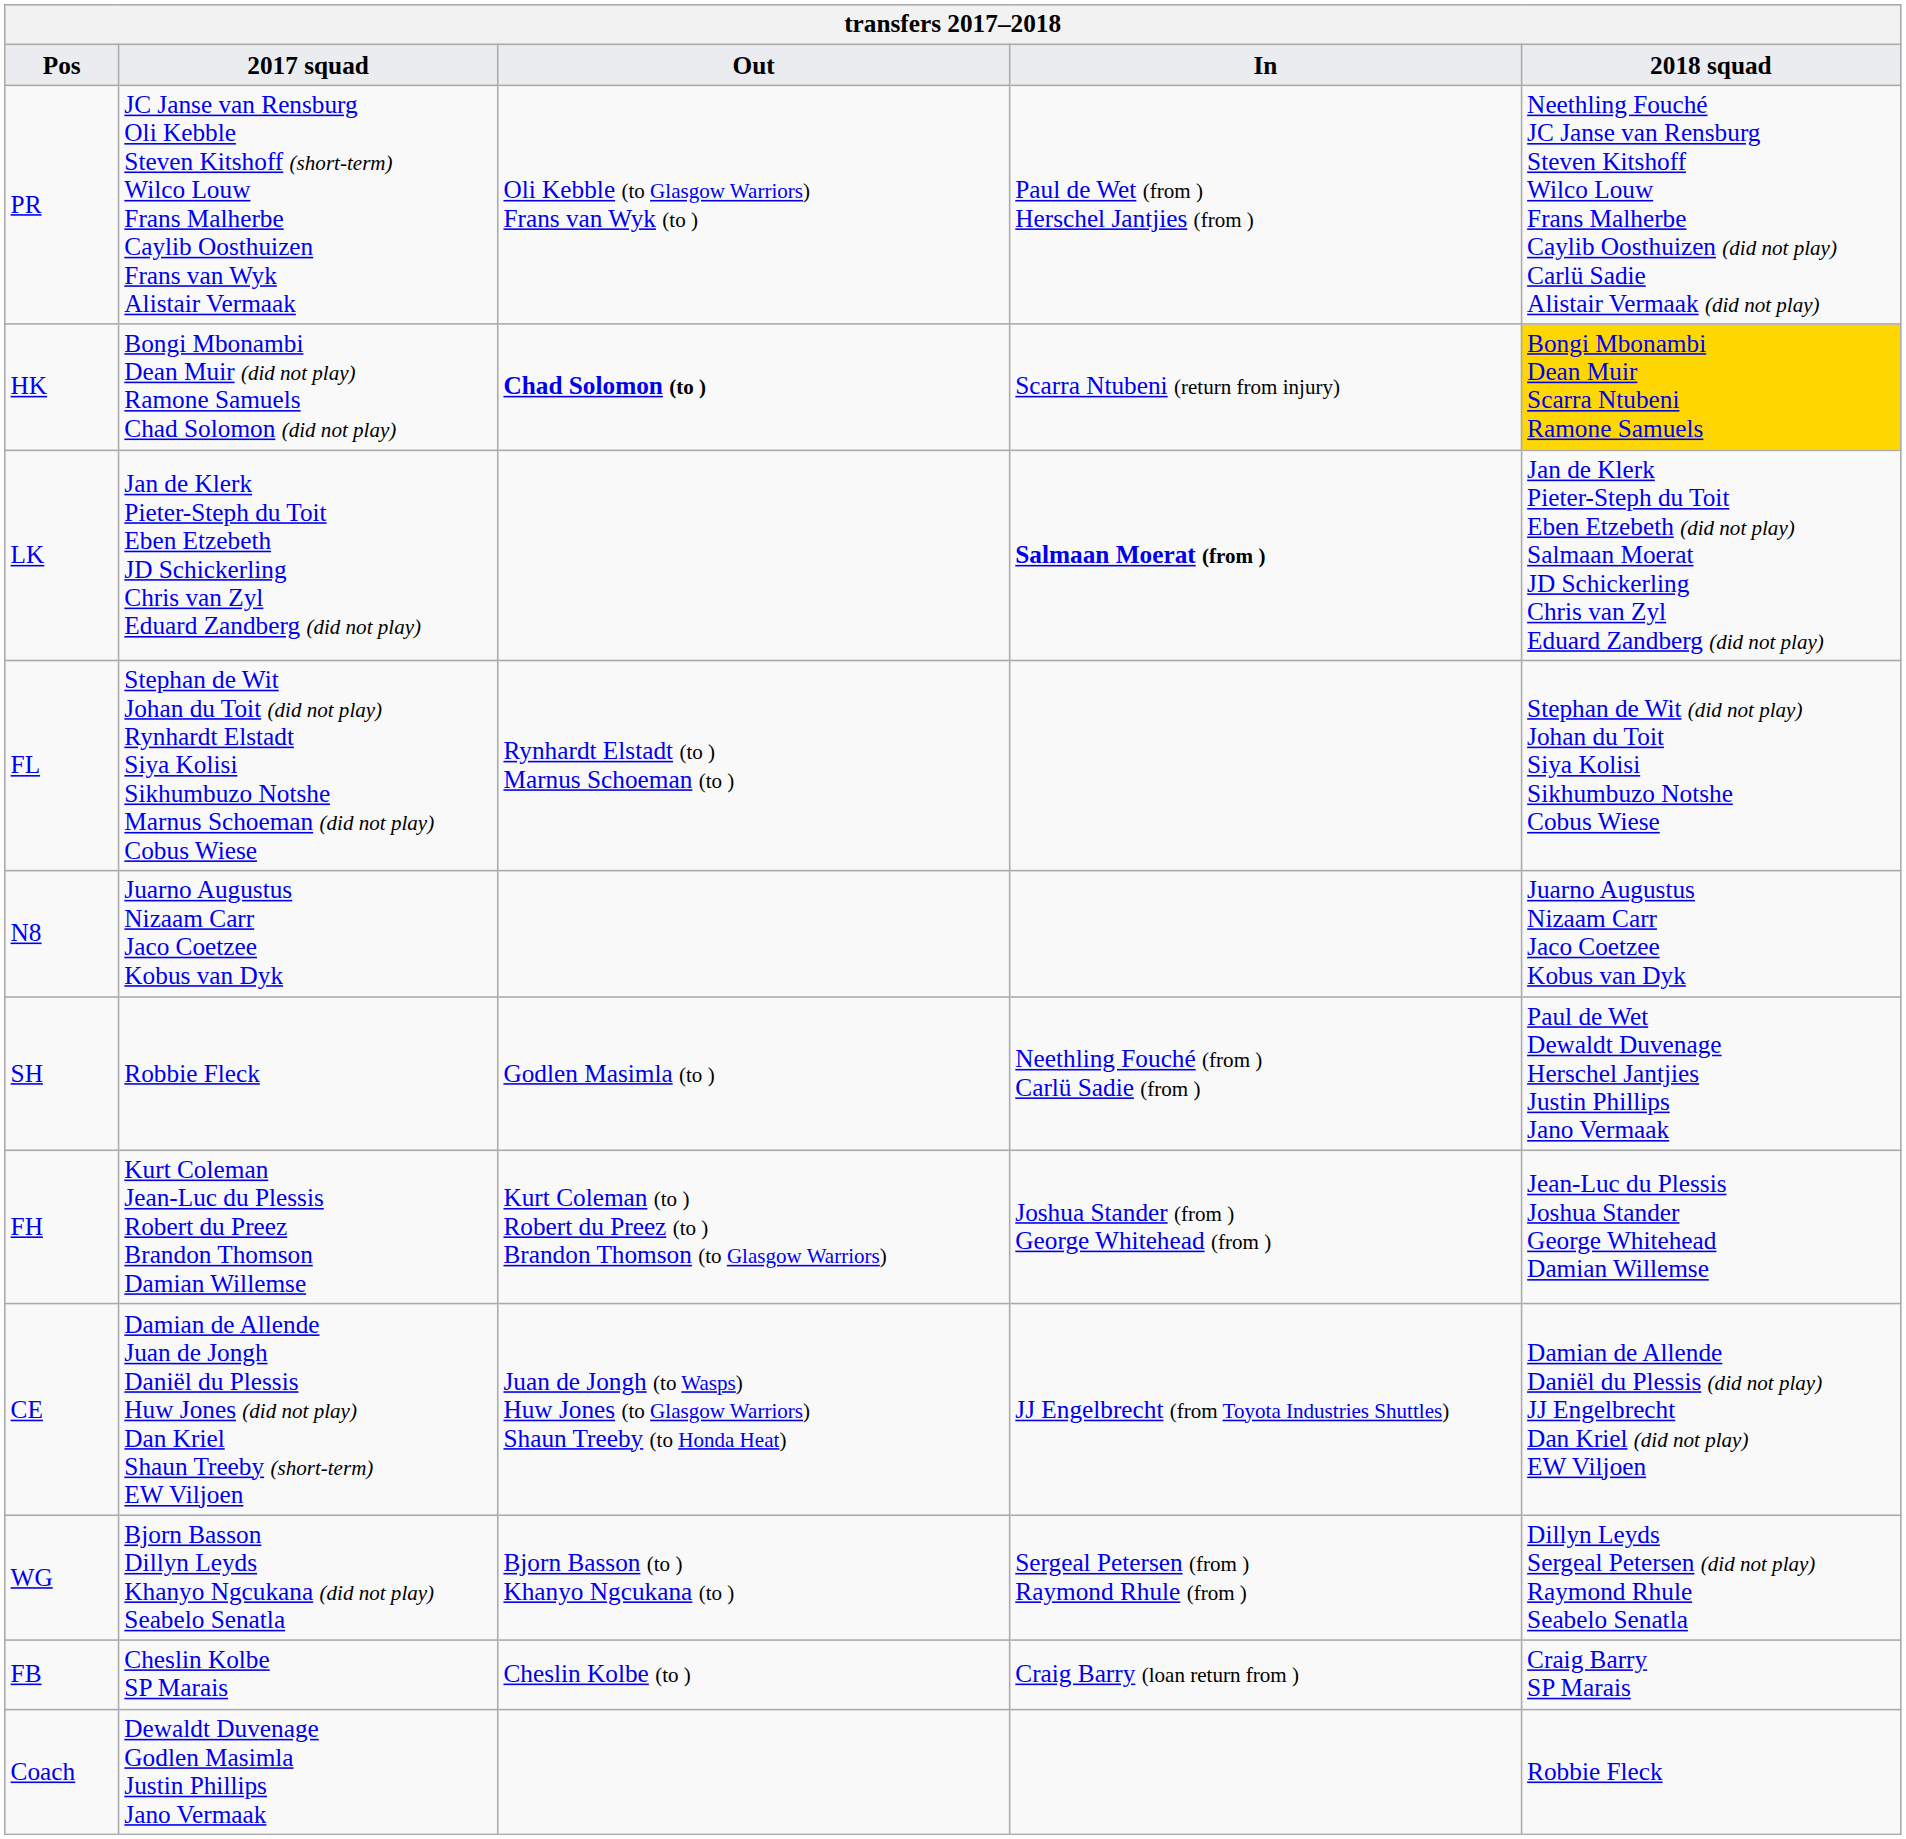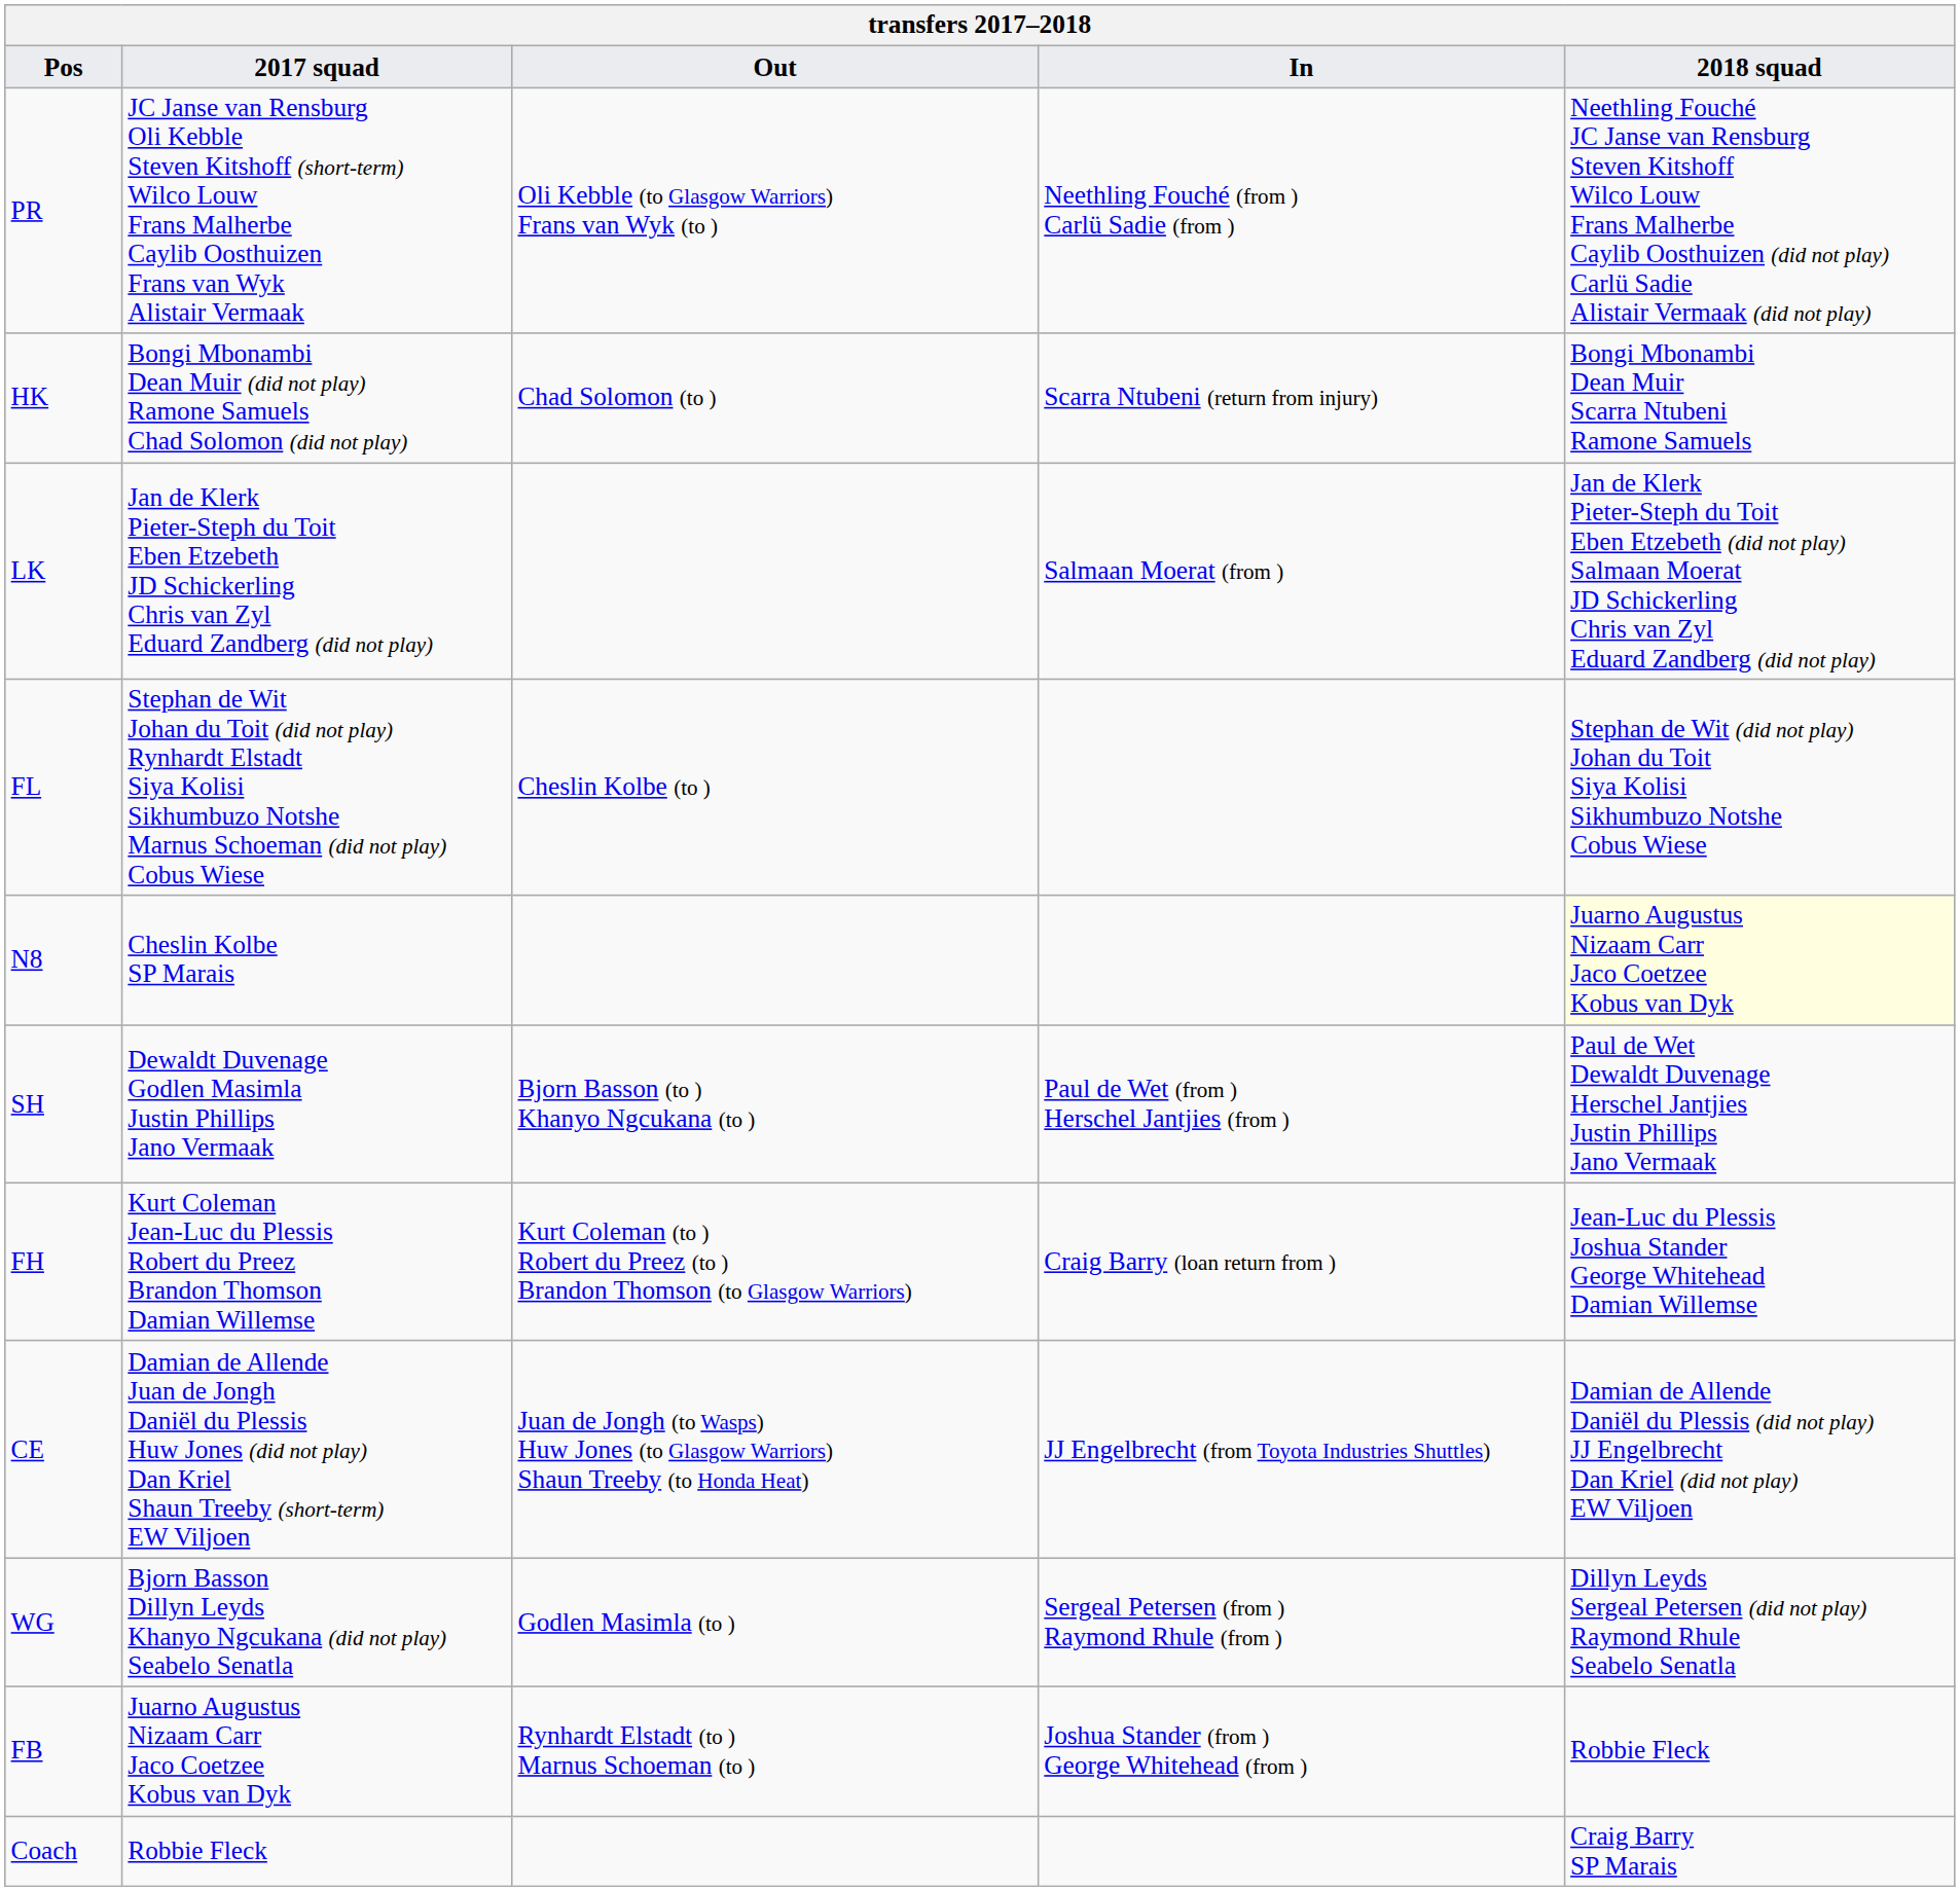 <table class="wikitable" style="text-align: left; width:95%">
 <tr>
 <th colspan="100%"> transfers 2017–2018</th>
 </tr>
 <tr>
 <th style="background:#ebecf0; width:6%;">Pos</th>
 <th style="background:#ebecf0; width:20%;">2017 squad</th>
 <th style="background:#ebecf0; width:27%;">Out</th>
 <th style="background:#ebecf0; width:27%;">In</th>
 <th style="background:#ebecf0; width:20%;">2018 squad</th>
 </tr>
 <tr>
 <td><a href='#'>PR</a></td>
 <td> <a href='#'>JC Janse van Rensburg</a> <br> <a href='#'>Oli Kebble</a> <br> <a href='#'>Steven Kitshoff</a> <small><em>(short-term)</em></small> <br> <a href='#'>Wilco Louw</a> <br> <a href='#'>Frans Malherbe</a> <br> <a href='#'>Caylib Oosthuizen</a> <br> <a href='#'>Frans van Wyk</a> <br> <a href='#'>Alistair Vermaak</a></td>
 <td>  <a href='#'>Oli Kebble</a> <small>(to  <a href='#'>Glasgow Warriors</a>)</small> <br>  <a href='#'>Frans van Wyk</a> <small>(to )</small></td>
-<td>  <a href='#'>Paul de Wet</a> <small>(from )</small> <br>  <a href='#'>Herschel Jantjies</a> <small>(from )</small></td>
+<td>  <a href='#'>Neethling Fouché</a> <small>(from )</small> <br>  <a href='#'>Carlü Sadie</a> <small>(from )</small></td>
 <td> <a href='#'>Neethling Fouché</a> <br> <a href='#'>JC Janse van Rensburg</a> <br> <a href='#'>Steven Kitshoff</a> <br> <a href='#'>Wilco Louw</a> <br> <a href='#'>Frans Malherbe</a> <br> <a href='#'>Caylib Oosthuizen</a> <small><em>(did not play)</em></small> <br> <a href='#'>Carlü Sadie</a> <br> <a href='#'>Alistair Vermaak</a> <small><em>(did not play)</em></small></td>
 </tr>
 <tr>
 <td><a href='#'>HK</a></td>
 <td> <a href='#'>Bongi Mbonambi</a> <br> <a href='#'>Dean Muir</a> <small><em>(did not play)</em></small> <br> <a href='#'>Ramone Samuels</a> <br> <a href='#'>Chad Solomon</a> <small><em>(did not play)</em></small></td>
-<td><strong>  <a href='#'>Chad Solomon</a> <small>(to )</small></strong></td>
+<td>  <a href='#'>Chad Solomon</a> <small>(to )</small></td>
 <td>  <a href='#'>Scarra Ntubeni</a> <small>(return from injury)</small></td>
-<td style="background: gold;"> <a href='#'>Bongi Mbonambi</a> <br> <a href='#'>Dean Muir</a> <br> <a href='#'>Scarra Ntubeni</a> <br> <a href='#'>Ramone Samuels</a></td>
+<td> <a href='#'>Bongi Mbonambi</a> <br> <a href='#'>Dean Muir</a> <br> <a href='#'>Scarra Ntubeni</a> <br> <a href='#'>Ramone Samuels</a></td>
 </tr>
 <tr>
 <td><a href='#'>LK</a></td>
 <td> <a href='#'>Jan de Klerk</a> <br> <a href='#'>Pieter-Steph du Toit</a> <br> <a href='#'>Eben Etzebeth</a> <br> <a href='#'>JD Schickerling</a> <br> <a href='#'>Chris van Zyl</a> <br> <a href='#'>Eduard Zandberg</a> <small><em>(did not play)</em></small></td>
 <td></td>
-<td><strong>  <a href='#'>Salmaan Moerat</a> <small>(from )</small></strong></td>
+<td>  <a href='#'>Salmaan Moerat</a> <small>(from )</small></td>
 <td> <a href='#'>Jan de Klerk</a> <br> <a href='#'>Pieter-Steph du Toit</a> <br> <a href='#'>Eben Etzebeth</a> <small><em>(did not play)</em></small> <br> <a href='#'>Salmaan Moerat</a> <br> <a href='#'>JD Schickerling</a> <br> <a href='#'>Chris van Zyl</a> <br> <a href='#'>Eduard Zandberg</a> <small><em>(did not play)</em></small></td>
 </tr>
 <tr>
 <td><a href='#'>FL</a></td>
 <td> <a href='#'>Stephan de Wit</a> <br> <a href='#'>Johan du Toit</a> <small><em>(did not play)</em></small> <br> <a href='#'>Rynhardt Elstadt</a> <br> <a href='#'>Siya Kolisi</a> <br> <a href='#'>Sikhumbuzo Notshe</a> <br> <a href='#'>Marnus Schoeman</a> <small><em>(did not play)</em></small> <br> <a href='#'>Cobus Wiese</a></td>
-<td>  <a href='#'>Rynhardt Elstadt</a> <small>(to )</small> <br>  <a href='#'>Marnus Schoeman</a> <small>(to )</small></td>
+<td>  <a href='#'>Cheslin Kolbe</a> <small>(to )</small></td>
 <td></td>
 <td> <a href='#'>Stephan de Wit</a> <small><em>(did not play)</em></small> <br> <a href='#'>Johan du Toit</a> <br> <a href='#'>Siya Kolisi</a> <br> <a href='#'>Sikhumbuzo Notshe</a> <br> <a href='#'>Cobus Wiese</a></td>
 </tr>
 <tr>
 <td><a href='#'>N8</a></td>
-<td> <a href='#'>Juarno Augustus</a> <br> <a href='#'>Nizaam Carr</a> <br> <a href='#'>Jaco Coetzee</a> <br> <a href='#'>Kobus van Dyk</a></td>
+<td> <a href='#'>Cheslin Kolbe</a> <br> <a href='#'>SP Marais</a></td>
 <td></td>
 <td></td>
-<td> <a href='#'>Juarno Augustus</a> <br> <a href='#'>Nizaam Carr</a> <br> <a href='#'>Jaco Coetzee</a> <br> <a href='#'>Kobus van Dyk</a></td>
+<td style="background: lightyellow;"> <a href='#'>Juarno Augustus</a> <br> <a href='#'>Nizaam Carr</a> <br> <a href='#'>Jaco Coetzee</a> <br> <a href='#'>Kobus van Dyk</a></td>
 </tr>
 <tr>
 <td><a href='#'>SH</a></td>
-<td> <a href='#'>Robbie Fleck</a></td>
-<td>  <a href='#'>Godlen Masimla</a> <small>(to )</small></td>
-<td>  <a href='#'>Neethling Fouché</a> <small>(from )</small> <br>  <a href='#'>Carlü Sadie</a> <small>(from )</small></td>
+<td> <a href='#'>Dewaldt Duvenage</a> <br> <a href='#'>Godlen Masimla</a> <br> <a href='#'>Justin Phillips</a> <br> <a href='#'>Jano Vermaak</a></td>
+<td>  <a href='#'>Bjorn Basson</a> <small>(to )</small> <br>  <a href='#'>Khanyo Ngcukana</a> <small>(to )</small></td>
+<td>  <a href='#'>Paul de Wet</a> <small>(from )</small> <br>  <a href='#'>Herschel Jantjies</a> <small>(from )</small></td>
 <td> <a href='#'>Paul de Wet</a> <br> <a href='#'>Dewaldt Duvenage</a> <br> <a href='#'>Herschel Jantjies</a> <br> <a href='#'>Justin Phillips</a> <br> <a href='#'>Jano Vermaak</a></td>
 </tr>
 <tr>
 <td><a href='#'>FH</a></td>
 <td> <a href='#'>Kurt Coleman</a> <br> <a href='#'>Jean-Luc du Plessis</a> <br> <a href='#'>Robert du Preez</a> <br> <a href='#'>Brandon Thomson</a> <br> <a href='#'>Damian Willemse</a></td>
 <td>  <a href='#'>Kurt Coleman</a> <small>(to )</small> <br>  <a href='#'>Robert du Preez</a> <small>(to )</small> <br>  <a href='#'>Brandon Thomson</a> <small>(to  <a href='#'>Glasgow Warriors</a>)</small></td>
-<td>  <a href='#'>Joshua Stander</a> <small>(from )</small> <br>  <a href='#'>George Whitehead</a> <small>(from )</small></td>
+<td>  <a href='#'>Craig Barry</a> <small>(loan return from )</small></td>
 <td> <a href='#'>Jean-Luc du Plessis</a> <br> <a href='#'>Joshua Stander</a> <br> <a href='#'>George Whitehead</a> <br> <a href='#'>Damian Willemse</a></td>
 </tr>
 <tr>
 <td><a href='#'>CE</a></td>
 <td> <a href='#'>Damian de Allende</a> <br> <a href='#'>Juan de Jongh</a> <br> <a href='#'>Daniël du Plessis</a> <br> <a href='#'>Huw Jones</a> <small><em>(did not play)</em></small> <br> <a href='#'>Dan Kriel</a> <br> <a href='#'>Shaun Treeby</a> <small><em>(short-term)</em></small> <br> <a href='#'>EW Viljoen</a></td>
 <td>  <a href='#'>Juan de Jongh</a> <small>(to  <a href='#'>Wasps</a>)</small> <br>  <a href='#'>Huw Jones</a> <small>(to  <a href='#'>Glasgow Warriors</a>)</small> <br>  <a href='#'>Shaun Treeby</a> <small>(to  <a href='#'>Honda Heat</a>)</small></td>
 <td>  <a href='#'>JJ Engelbrecht</a> <small>(from  <a href='#'>Toyota Industries Shuttles</a>)</small></td>
 <td> <a href='#'>Damian de Allende</a> <br> <a href='#'>Daniël du Plessis</a> <small><em>(did not play)</em></small> <br> <a href='#'>JJ Engelbrecht</a> <br> <a href='#'>Dan Kriel</a> <small><em>(did not play)</em></small> <br> <a href='#'>EW Viljoen</a></td>
 </tr>
 <tr>
 <td><a href='#'>WG</a></td>
 <td> <a href='#'>Bjorn Basson</a> <br> <a href='#'>Dillyn Leyds</a> <br> <a href='#'>Khanyo Ngcukana</a> <small><em>(did not play)</em></small> <br> <a href='#'>Seabelo Senatla</a></td>
-<td>  <a href='#'>Bjorn Basson</a> <small>(to )</small> <br>  <a href='#'>Khanyo Ngcukana</a> <small>(to )</small></td>
+<td>  <a href='#'>Godlen Masimla</a> <small>(to )</small></td>
 <td>  <a href='#'>Sergeal Petersen</a> <small>(from )</small> <br>  <a href='#'>Raymond Rhule</a> <small>(from )</small></td>
 <td> <a href='#'>Dillyn Leyds</a> <br> <a href='#'>Sergeal Petersen</a> <small><em>(did not play)</em></small> <br> <a href='#'>Raymond Rhule</a> <br> <a href='#'>Seabelo Senatla</a></td>
 </tr>
 <tr>
 <td><a href='#'>FB</a></td>
-<td> <a href='#'>Cheslin Kolbe</a> <br> <a href='#'>SP Marais</a></td>
-<td>  <a href='#'>Cheslin Kolbe</a> <small>(to )</small></td>
-<td>  <a href='#'>Craig Barry</a> <small>(loan return from )</small></td>
-<td> <a href='#'>Craig Barry</a> <br> <a href='#'>SP Marais</a></td>
+<td> <a href='#'>Juarno Augustus</a> <br> <a href='#'>Nizaam Carr</a> <br> <a href='#'>Jaco Coetzee</a> <br> <a href='#'>Kobus van Dyk</a></td>
+<td>  <a href='#'>Rynhardt Elstadt</a> <small>(to )</small> <br>  <a href='#'>Marnus Schoeman</a> <small>(to )</small></td>
+<td>  <a href='#'>Joshua Stander</a> <small>(from )</small> <br>  <a href='#'>George Whitehead</a> <small>(from )</small></td>
+<td> <a href='#'>Robbie Fleck</a></td>
 </tr>
 <tr>
 <td><a href='#'>Coach</a></td>
-<td> <a href='#'>Dewaldt Duvenage</a> <br> <a href='#'>Godlen Masimla</a> <br> <a href='#'>Justin Phillips</a> <br> <a href='#'>Jano Vermaak</a></td>
+<td> <a href='#'>Robbie Fleck</a></td>
 <td></td>
 <td></td>
-<td> <a href='#'>Robbie Fleck</a></td>
+<td> <a href='#'>Craig Barry</a> <br> <a href='#'>SP Marais</a></td>
 </tr>
 </table>
